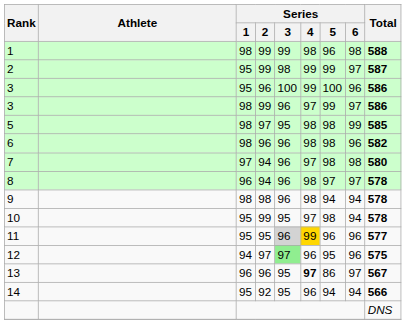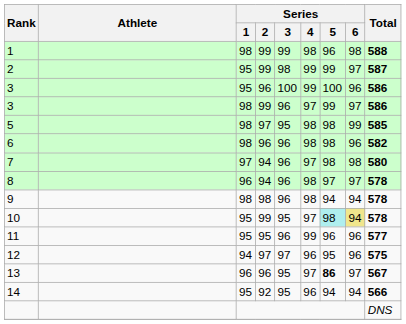 <table class="wikitable" style="font-size:95%" style="width:35em;" style="text-align:center">
 <tr>
 <th rowspan=2>Rank</th>
 <th rowspan=2 width=250>Athlete</th>
 <th colspan=6 width=160>Series</th>
 <th rowspan=2 width=40>Total</th>
 </tr>
 <tr>
 <th>1</th>
 <th>2</th>
 <th>3</th>
 <th>4</th>
 <th>5</th>
 <th>6</th>
 </tr>
 <tr bgcolor=ccffcc>
 <td>1</td>
 <td align=left></td>
 <td>98</td>
 <td>99</td>
 <td>99</td>
 <td>98</td>
 <td>96</td>
 <td>98</td>
 <td><strong>588</strong></td>
 </tr>
 <tr bgcolor=ccffcc>
 <td>2</td>
 <td align=left></td>
 <td>95</td>
 <td>99</td>
 <td>98</td>
 <td>99</td>
 <td>99</td>
 <td>97</td>
 <td><strong>587</strong></td>
 </tr>
 <tr bgcolor=ccffcc>
 <td>3</td>
 <td align=left></td>
 <td>95</td>
 <td>96</td>
 <td>100</td>
 <td>99</td>
 <td>100</td>
 <td>96</td>
 <td><strong>586</strong></td>
 </tr>
 <tr bgcolor=ccffcc>
 <td>3</td>
 <td align=left></td>
 <td>98</td>
 <td>99</td>
 <td>96</td>
 <td>97</td>
 <td>99</td>
 <td>97</td>
 <td><strong>586</strong></td>
 </tr>
 <tr bgcolor=ccffcc>
 <td>5</td>
 <td align=left></td>
 <td>98</td>
 <td>97</td>
 <td>95</td>
 <td>98</td>
 <td>98</td>
 <td>99</td>
 <td><strong>585</strong></td>
 </tr>
 <tr bgcolor=ccffcc>
 <td>6</td>
 <td align=left></td>
 <td>98</td>
 <td>96</td>
 <td>96</td>
 <td>98</td>
 <td>98</td>
 <td>96</td>
 <td><strong>582</strong></td>
 </tr>
 <tr bgcolor=ccffcc>
 <td>7</td>
 <td align=left></td>
 <td>97</td>
 <td>94</td>
 <td>96</td>
 <td>97</td>
 <td>98</td>
 <td>98</td>
 <td><strong>580</strong></td>
 </tr>
 <tr bgcolor=ccffcc>
 <td>8</td>
 <td align=left></td>
 <td>96</td>
 <td>94</td>
 <td>96</td>
 <td>98</td>
 <td>97</td>
 <td>97</td>
 <td><strong>578</strong></td>
 </tr>
 <tr>
 <td>9</td>
 <td align=left></td>
 <td>98</td>
 <td>98</td>
 <td>96</td>
 <td>98</td>
 <td>94</td>
 <td>94</td>
 <td><strong>578</strong></td>
 </tr>
 <tr>
 <td>10</td>
 <td align=left></td>
 <td>95</td>
 <td>99</td>
 <td>95</td>
 <td>97</td>
-<td>98</td>
-<td>94</td>
+<td style="background: paleturquoise;">98</td>
+<td style="background: khaki;">94</td>
 <td><strong>578</strong></td>
 </tr>
 <tr>
 <td>11</td>
 <td align=left></td>
 <td>95</td>
 <td>95</td>
-<td style="background: lightgrey;">96</td>
-<td style="background: gold;">99</td>
+<td>96</td>
+<td>99</td>
 <td>96</td>
 <td>96</td>
 <td><strong>577</strong></td>
 </tr>
 <tr>
 <td>12</td>
 <td align=left></td>
 <td>94</td>
 <td>97</td>
-<td style="background: lightgreen;">97</td>
+<td>97</td>
 <td>96</td>
 <td>95</td>
 <td>96</td>
 <td><strong>575</strong></td>
 </tr>
 <tr>
 <td>13</td>
 <td align=left></td>
 <td>96</td>
 <td>96</td>
 <td>95</td>
-<td><strong>97</strong></td>
-<td>86</td>
+<td>97</td>
+<td><strong>86</strong></td>
 <td>97</td>
 <td><strong>567</strong></td>
 </tr>
 <tr>
 <td>14</td>
 <td align=left></td>
 <td>95</td>
 <td>92</td>
 <td>95</td>
 <td>96</td>
 <td>94</td>
 <td>94</td>
 <td><strong>566</strong></td>
 </tr>
 <tr>
 <td></td>
 <td align=left></td>
 <td colspan=6></td>
 <td><em>DNS</em></td>
 </tr>
 <tr>
 </tr>
 </table>
